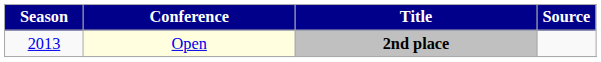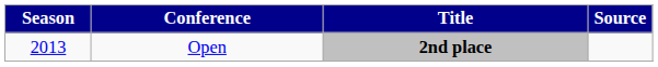 <table class="wikitable">
 <tr>
 <th width=70px style="background:#00008B; color:white; text-align: center"><strong>Season</strong></th>
 <th width=200px style="background:#00008B; color:white">Conference</th>
 <th width=230px style="background:#00008B; color:white">Title</th>
 <th width=50px style="background:#00008B; color:white">Source</th>
 </tr>
 <tr align=center>
 <td rowspan=2><a href='#'>2013</a></td>
-<td style="background: lightyellow;"><a href='#'>Open</a></td>
+<td><a href='#'>Open</a></td>
 <td style="background:silver;"><strong>2nd place</strong></td>
 <td></td>
 </tr>
 <tr>
 </tr>
 </table>
